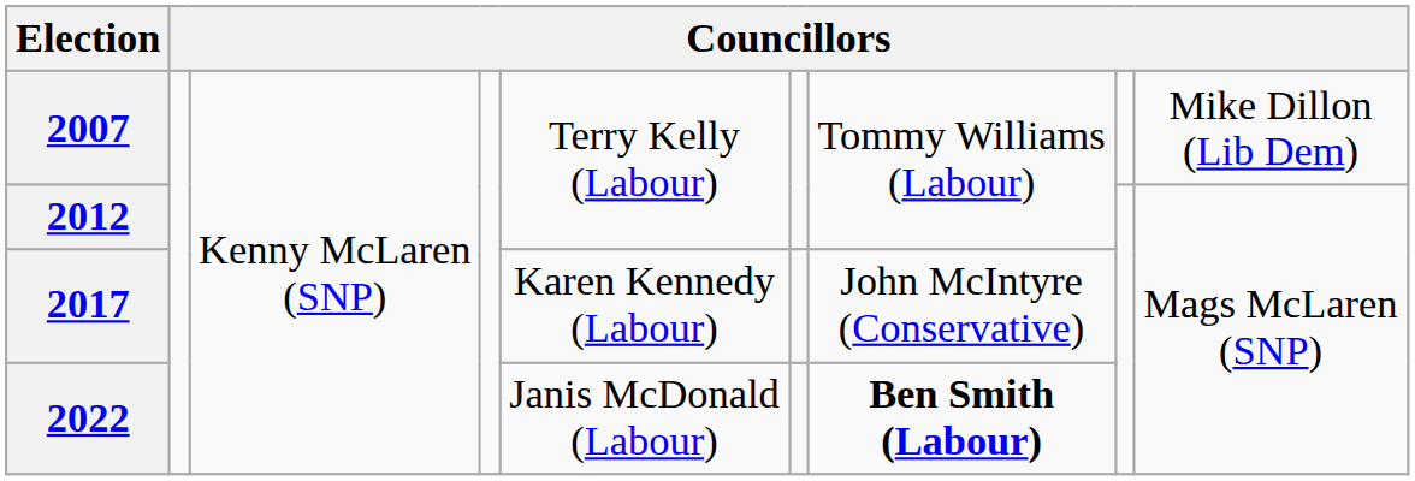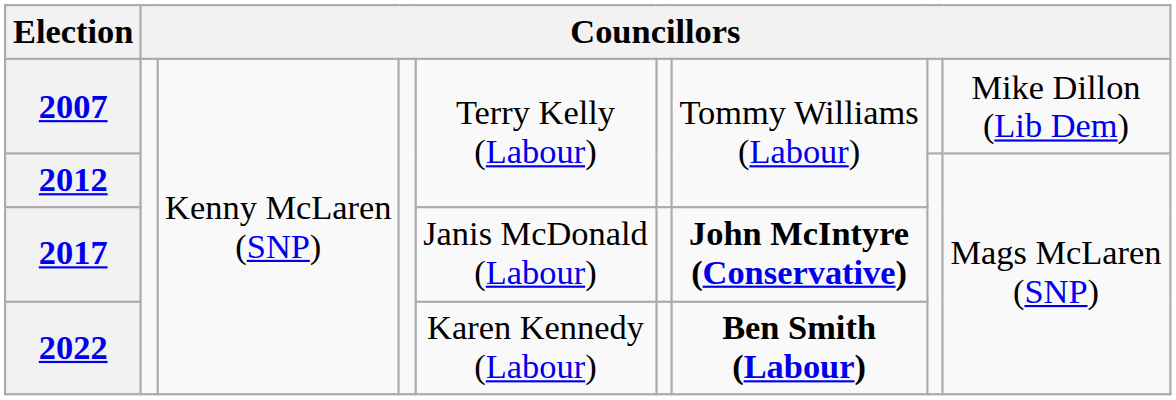 <table class="wikitable" style="text-align:center">
 <tr>
 <th>Election</th>
 <th colspan=8>Councillors</th>
 </tr>
 <tr>
 <th><a href='#'>2007</a></th>
 <td rowspan=4 style="color:inherit;background-color: "></td>
 <td rowspan=4>Kenny McLaren<br>(<a href='#'>SNP</a>)</td>
 <td rowspan=4 style="color:inherit;background-color: "></td>
 <td rowspan=2>Terry Kelly<br>(<a href='#'>Labour</a>)</td>
 <td rowspan=2 style="color:inherit;background-color: "></td>
 <td rowspan=2>Tommy Williams<br>(<a href='#'>Labour</a>)</td>
 <td rowspan=1 style="color:inherit;background-color: "></td>
 <td rowspan=1>Mike Dillon<br>(<a href='#'>Lib Dem</a>)</td>
 </tr>
 <tr>
 <th><a href='#'>2012</a></th>
 <td rowspan=3 style="color:inherit;background-color: "></td>
 <td rowspan=3>Mags McLaren<br>(<a href='#'>SNP</a>)</td>
 </tr>
 <tr>
 <th><a href='#'>2017</a></th>
-<td rowspan=1>Karen Kennedy<br>(<a href='#'>Labour</a>)</td>
+<td rowspan=1>Janis McDonald<br>(<a href='#'>Labour</a>)</td>
 <td rowspan=1 style="color:inherit;background-color: "></td>
-<td rowspan=1>John McIntyre<br>(<a href='#'>Conservative</a>)</td>
+<td rowspan=1><strong>John McIntyre<br>(<a href='#'>Conservative</a>)</strong></td>
 </tr>
 <tr>
 <th><a href='#'>2022</a></th>
-<td rowspan=1>Janis McDonald<br>(<a href='#'>Labour</a>)</td>
+<td rowspan=1>Karen Kennedy<br>(<a href='#'>Labour</a>)</td>
 <td rowspan=1 style="color:inherit;background-color: "></td>
 <td rowspan=1><strong>Ben Smith<br>(<a href='#'>Labour</a>)</strong></td>
 </tr>
 </table>
